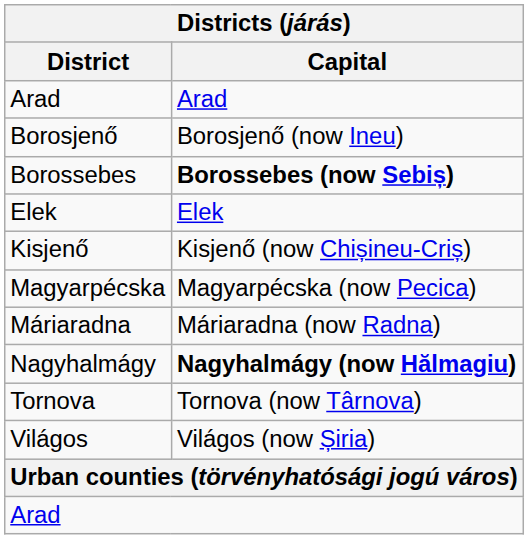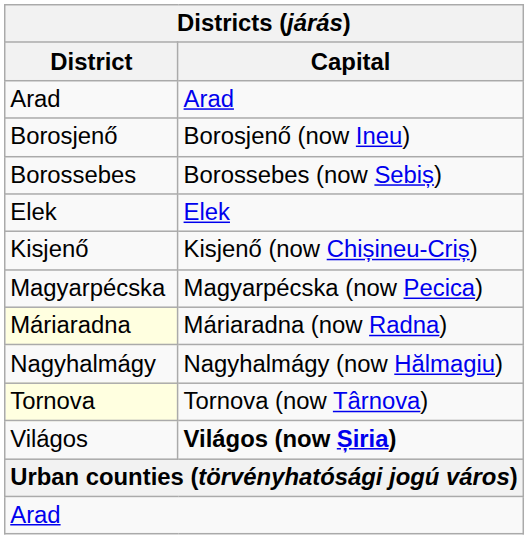 <table class="wikitable">
 <tr>
 <th colspan=2>Districts (<em>járás</em>)</th>
 </tr>
 <tr>
 <th>District</th>
 <th>Capital</th>
 </tr>
 <tr>
 <td> Arad</td>
 <td><a href='#'>Arad</a></td>
 </tr>
 <tr>
 <td> Borosjenő</td>
 <td>Borosjenő (now <a href='#'>Ineu</a>)</td>
 </tr>
 <tr>
 <td> Borossebes</td>
-<td><strong>Borossebes (now <a href='#'>Sebiș</a>)</strong></td>
+<td>Borossebes (now <a href='#'>Sebiș</a>)</td>
 </tr>
 <tr>
 <td> Elek</td>
 <td><a href='#'>Elek</a></td>
 </tr>
 <tr>
 <td> Kisjenő</td>
 <td>Kisjenő (now <a href='#'>Chișineu-Criș</a>)</td>
 </tr>
 <tr>
 <td> Magyarpécska</td>
 <td>Magyarpécska (now <a href='#'>Pecica</a>)</td>
 </tr>
 <tr>
-<td> Máriaradna</td>
+<td style="background: lightyellow;"> Máriaradna</td>
 <td>Máriaradna (now <a href='#'>Radna</a>)</td>
 </tr>
 <tr>
 <td> Nagyhalmágy</td>
-<td><strong>Nagyhalmágy (now <a href='#'>Hălmagiu</a>)</strong></td>
+<td>Nagyhalmágy (now <a href='#'>Hălmagiu</a>)</td>
 </tr>
 <tr>
-<td> Tornova</td>
+<td style="background: lightyellow;"> Tornova</td>
 <td>Tornova (now <a href='#'>Târnova</a>)</td>
 </tr>
 <tr>
 <td> Világos</td>
-<td>Világos (now <a href='#'>Șiria</a>)</td>
+<td><strong>Világos (now <a href='#'>Șiria</a>)</strong></td>
 </tr>
 <tr>
 <th colspan=2>Urban counties (<em>törvényhatósági jogú város</em>)</th>
 </tr>
 <tr>
 <td colspan=2> <a href='#'>Arad</a></td>
 </tr>
 </table>
